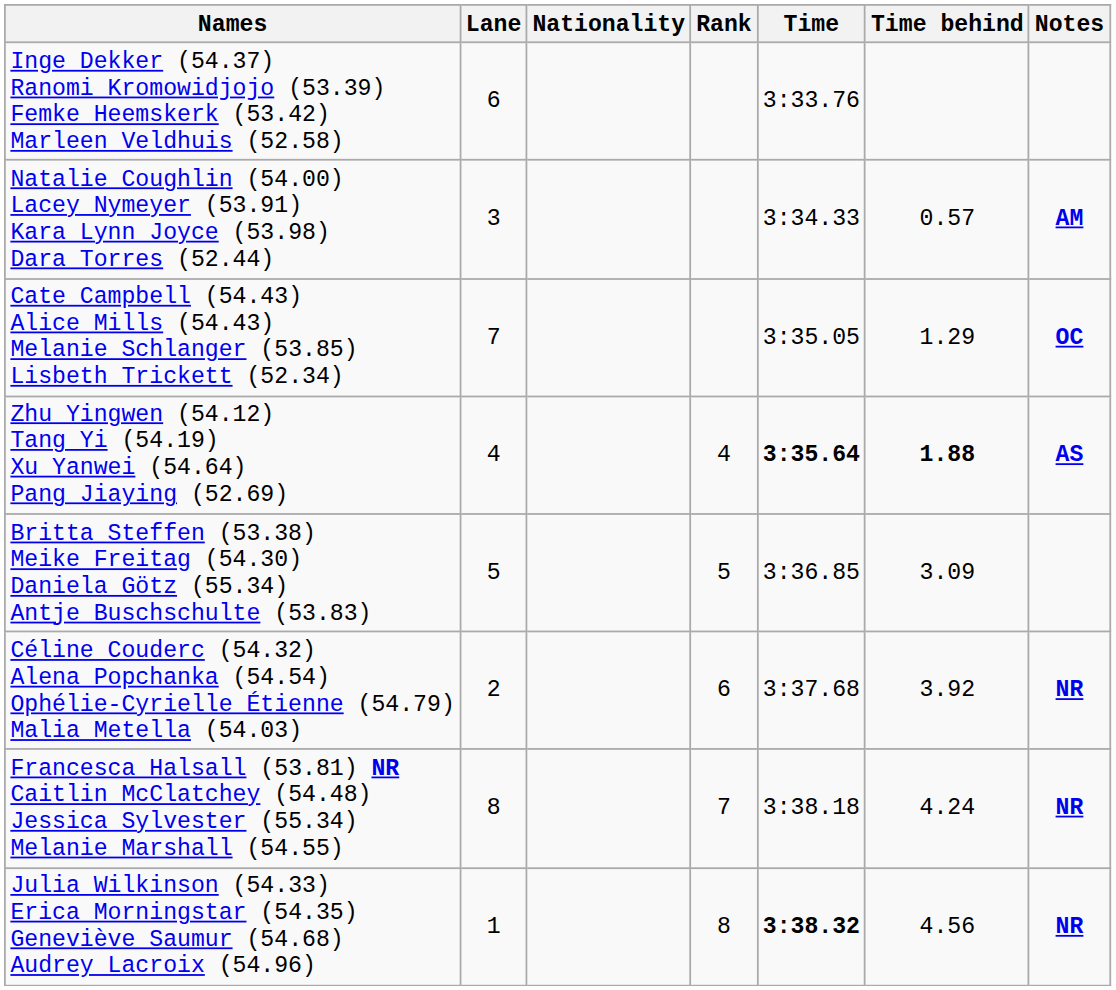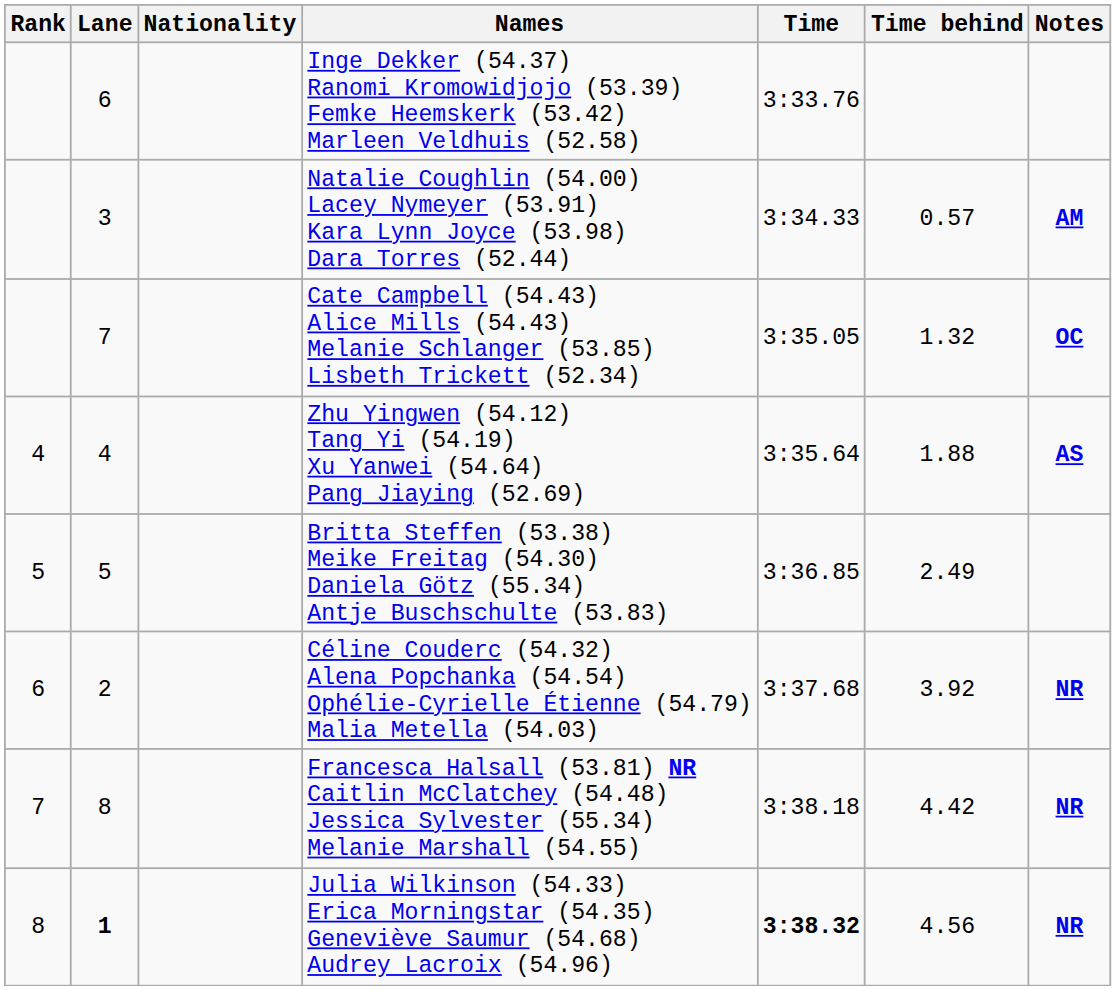 <table class="wikitable sortable" style="text-align:center">
 <tr>
-<th>Names</th>
+<th>Rank</th>
 <th>Lane</th>
 <th>Nationality</th>
-<th>Rank</th>
+<th>Names</th>
 <th>Time</th>
 <th>Time behind</th>
 <th>Notes</th>
 </tr>
 <tr>
-<td align=left><a href='#'>Inge Dekker</a> (54.37) <br> <a href='#'>Ranomi Kromowidjojo</a>  (53.39)<br> <a href='#'>Femke Heemskerk</a> (53.42) <br> <a href='#'>Marleen Veldhuis</a> (52.58)</td>
+<td></td>
 <td>6</td>
 <td align=left></td>
-<td></td>
+<td align=left><a href='#'>Inge Dekker</a> (54.37) <br> <a href='#'>Ranomi Kromowidjojo</a>  (53.39)<br> <a href='#'>Femke Heemskerk</a> (53.42) <br> <a href='#'>Marleen Veldhuis</a> (52.58)</td>
 <td>3:33.76</td>
 <td></td>
 <td></td>
 </tr>
 <tr>
-<td align=left><a href='#'>Natalie Coughlin</a>  (54.00)<br> <a href='#'>Lacey Nymeyer</a>  (53.91)<br> <a href='#'>Kara Lynn Joyce</a> (53.98) <br> <a href='#'>Dara Torres</a> (52.44)</td>
+<td></td>
 <td>3</td>
 <td align=left></td>
-<td></td>
+<td align=left><a href='#'>Natalie Coughlin</a>  (54.00)<br> <a href='#'>Lacey Nymeyer</a>  (53.91)<br> <a href='#'>Kara Lynn Joyce</a> (53.98) <br> <a href='#'>Dara Torres</a> (52.44)</td>
 <td>3:34.33</td>
 <td>0.57</td>
 <td><strong><a href='#'>AM</a></strong></td>
 </tr>
 <tr>
-<td align=left><a href='#'>Cate Campbell</a> (54.43) <br> <a href='#'>Alice Mills</a>  (54.43)<br> <a href='#'>Melanie Schlanger</a> (53.85) <br> <a href='#'>Lisbeth Trickett</a> (52.34)</td>
+<td></td>
 <td>7</td>
 <td align=left></td>
-<td></td>
+<td align=left><a href='#'>Cate Campbell</a> (54.43) <br> <a href='#'>Alice Mills</a>  (54.43)<br> <a href='#'>Melanie Schlanger</a> (53.85) <br> <a href='#'>Lisbeth Trickett</a> (52.34)</td>
 <td>3:35.05</td>
-<td>1.29</td>
+<td>1.32</td>
 <td><strong><a href='#'>OC</a></strong></td>
 </tr>
 <tr>
-<td align=left><a href='#'>Zhu Yingwen</a>  (54.12)<br> <a href='#'>Tang Yi</a> (54.19) <br> <a href='#'>Xu Yanwei</a> (54.64) <br> <a href='#'>Pang Jiaying</a> (52.69)</td>
+<td>4</td>
 <td>4</td>
 <td align=left></td>
-<td>4</td>
-<td><strong>3:35.64</strong></td>
-<td><strong>1.88</strong></td>
+<td align=left><a href='#'>Zhu Yingwen</a>  (54.12)<br> <a href='#'>Tang Yi</a> (54.19) <br> <a href='#'>Xu Yanwei</a> (54.64) <br> <a href='#'>Pang Jiaying</a> (52.69)</td>
+<td>3:35.64</td>
+<td>1.88</td>
 <td><strong><a href='#'>AS</a></strong></td>
 </tr>
 <tr>
-<td align=left><a href='#'>Britta Steffen</a> (53.38) <br> <a href='#'>Meike Freitag</a>  (54.30)<br> <a href='#'>Daniela Götz</a>  (55.34)<br> <a href='#'>Antje Buschschulte</a> (53.83)</td>
+<td>5</td>
 <td>5</td>
 <td align=left></td>
-<td>5</td>
+<td align=left><a href='#'>Britta Steffen</a> (53.38) <br> <a href='#'>Meike Freitag</a>  (54.30)<br> <a href='#'>Daniela Götz</a>  (55.34)<br> <a href='#'>Antje Buschschulte</a> (53.83)</td>
 <td>3:36.85</td>
-<td>3.09</td>
+<td>2.49</td>
 <td></td>
 </tr>
 <tr>
-<td align=left><a href='#'>Céline Couderc</a> (54.32) <br> <a href='#'>Alena Popchanka</a> (54.54) <br> <a href='#'>Ophélie-Cyrielle Étienne</a> (54.79) <br> <a href='#'>Malia Metella</a> (54.03)</td>
+<td>6</td>
 <td>2</td>
 <td align=left></td>
-<td>6</td>
+<td align=left><a href='#'>Céline Couderc</a> (54.32) <br> <a href='#'>Alena Popchanka</a> (54.54) <br> <a href='#'>Ophélie-Cyrielle Étienne</a> (54.79) <br> <a href='#'>Malia Metella</a> (54.03)</td>
 <td>3:37.68</td>
 <td>3.92</td>
 <td><strong><a href='#'>NR</a></strong></td>
 </tr>
 <tr>
-<td align=left><a href='#'>Francesca Halsall</a>  (53.81) <strong><a href='#'>NR</a></strong><br> <a href='#'>Caitlin McClatchey</a>  (54.48)<br> <a href='#'>Jessica Sylvester</a> (55.34) <br> <a href='#'>Melanie Marshall</a> (54.55)</td>
+<td>7</td>
 <td>8</td>
 <td align=left></td>
-<td>7</td>
+<td align=left><a href='#'>Francesca Halsall</a>  (53.81) <strong><a href='#'>NR</a></strong><br> <a href='#'>Caitlin McClatchey</a>  (54.48)<br> <a href='#'>Jessica Sylvester</a> (55.34) <br> <a href='#'>Melanie Marshall</a> (54.55)</td>
 <td>3:38.18</td>
-<td>4.24</td>
+<td>4.42</td>
 <td><strong><a href='#'>NR</a></strong></td>
 </tr>
 <tr>
+<td>8</td>
+<td><strong>1</strong></td>
+<td align=left></td>
 <td align=left><a href='#'>Julia Wilkinson</a> (54.33) <br> <a href='#'>Erica Morningstar</a> (54.35) <br> <a href='#'>Geneviève Saumur</a> (54.68)  <br> <a href='#'>Audrey Lacroix</a> (54.96)</td>
-<td>1</td>
-<td align=left></td>
-<td>8</td>
 <td><strong>3:38.32</strong></td>
 <td>4.56</td>
 <td><strong><a href='#'>NR</a></strong></td>
 </tr>
 </table>
